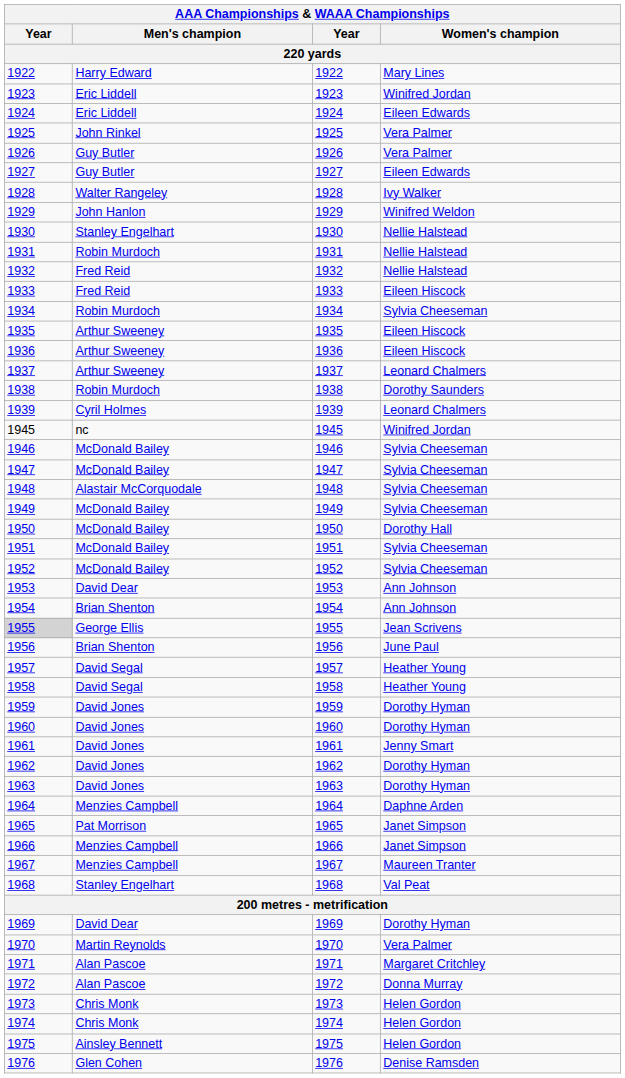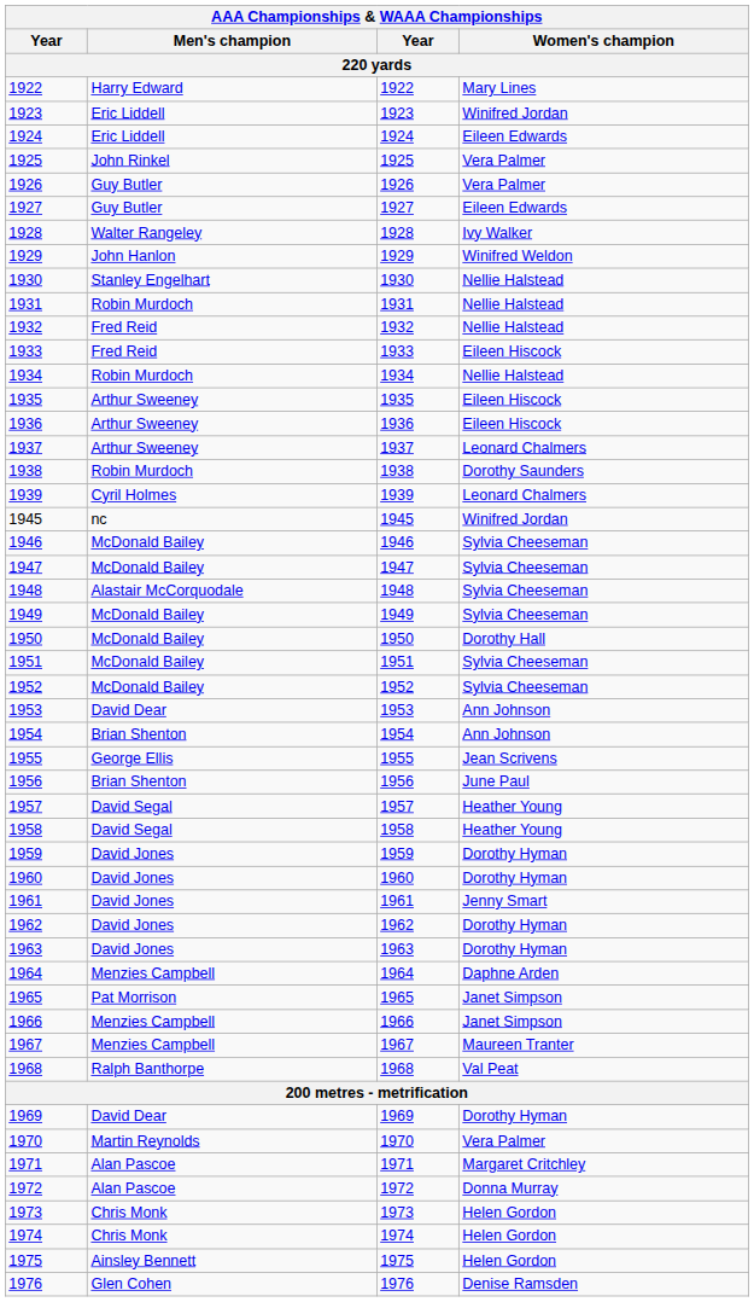 <table class="wikitable">
 <tr>
 <th colspan="4"><a href='#'>AAA Championships</a> & <a href='#'>WAAA Championships</a></th>
 </tr>
 <tr>
 <th width=80>Year</th>
 <th width=300>Men's champion</th>
 <th width=80>Year</th>
 <th width=300>Women's champion</th>
 </tr>
 <tr>
 <th colspan="4"><strong>220 yards</strong></th>
 </tr>
 <tr>
 <td><a href='#'>1922</a></td>
 <td><a href='#'>Harry Edward</a></td>
 <td><a href='#'>1922</a></td>
 <td><a href='#'>Mary Lines</a></td>
 </tr>
 <tr>
 <td><a href='#'>1923</a></td>
 <td><a href='#'>Eric Liddell</a></td>
 <td><a href='#'>1923</a></td>
 <td><a href='#'>Winifred Jordan</a></td>
 </tr>
 <tr>
 <td><a href='#'>1924</a></td>
 <td><a href='#'>Eric Liddell</a></td>
 <td><a href='#'>1924</a></td>
 <td><a href='#'>Eileen Edwards</a></td>
 </tr>
 <tr>
 <td><a href='#'>1925</a></td>
 <td><a href='#'>John Rinkel</a></td>
 <td><a href='#'>1925</a></td>
 <td><a href='#'>Vera Palmer</a></td>
 </tr>
 <tr>
 <td><a href='#'>1926</a></td>
 <td><a href='#'>Guy Butler</a></td>
 <td><a href='#'>1926</a></td>
 <td><a href='#'>Vera Palmer</a></td>
 </tr>
 <tr>
 <td><a href='#'>1927</a></td>
 <td><a href='#'>Guy Butler</a></td>
 <td><a href='#'>1927</a></td>
 <td><a href='#'>Eileen Edwards</a></td>
 </tr>
 <tr>
 <td><a href='#'>1928</a></td>
 <td><a href='#'>Walter Rangeley</a></td>
 <td><a href='#'>1928</a></td>
 <td><a href='#'>Ivy Walker</a></td>
 </tr>
 <tr>
 <td><a href='#'>1929</a></td>
 <td><a href='#'>John Hanlon</a></td>
 <td><a href='#'>1929</a></td>
 <td><a href='#'>Winifred Weldon</a></td>
 </tr>
 <tr>
 <td><a href='#'>1930</a></td>
 <td><a href='#'>Stanley Engelhart</a></td>
 <td><a href='#'>1930</a></td>
 <td><a href='#'>Nellie Halstead</a></td>
 </tr>
 <tr>
 <td><a href='#'>1931</a></td>
 <td><a href='#'>Robin Murdoch</a></td>
 <td><a href='#'>1931</a></td>
 <td><a href='#'>Nellie Halstead</a></td>
 </tr>
 <tr>
 <td><a href='#'>1932</a></td>
 <td><a href='#'>Fred Reid</a></td>
 <td><a href='#'>1932</a></td>
 <td><a href='#'>Nellie Halstead</a></td>
 </tr>
 <tr>
 <td><a href='#'>1933</a></td>
 <td><a href='#'>Fred Reid</a></td>
 <td><a href='#'>1933</a></td>
 <td><a href='#'>Eileen Hiscock</a></td>
 </tr>
 <tr>
 <td><a href='#'>1934</a></td>
 <td><a href='#'>Robin Murdoch</a></td>
 <td><a href='#'>1934</a></td>
-<td><a href='#'>Sylvia Cheeseman</a></td>
+<td><a href='#'>Nellie Halstead</a></td>
 </tr>
 <tr>
 <td><a href='#'>1935</a></td>
 <td><a href='#'>Arthur Sweeney</a></td>
 <td><a href='#'>1935</a></td>
 <td><a href='#'>Eileen Hiscock</a></td>
 </tr>
 <tr>
 <td><a href='#'>1936</a></td>
 <td><a href='#'>Arthur Sweeney</a></td>
 <td><a href='#'>1936</a></td>
 <td><a href='#'>Eileen Hiscock</a></td>
 </tr>
 <tr>
 <td><a href='#'>1937</a></td>
 <td><a href='#'>Arthur Sweeney</a></td>
 <td><a href='#'>1937</a></td>
 <td><a href='#'>Leonard Chalmers</a></td>
 </tr>
 <tr>
 <td><a href='#'>1938</a></td>
 <td><a href='#'>Robin Murdoch</a></td>
 <td><a href='#'>1938</a></td>
 <td><a href='#'>Dorothy Saunders</a></td>
 </tr>
 <tr>
 <td><a href='#'>1939</a></td>
 <td><a href='#'>Cyril Holmes</a></td>
 <td><a href='#'>1939</a></td>
 <td><a href='#'>Leonard Chalmers</a></td>
 </tr>
 <tr>
 <td>1945</td>
 <td>nc</td>
 <td><a href='#'>1945</a></td>
 <td><a href='#'>Winifred Jordan</a></td>
 </tr>
 <tr>
 <td><a href='#'>1946</a></td>
 <td><a href='#'>McDonald Bailey</a></td>
 <td><a href='#'>1946</a></td>
 <td><a href='#'>Sylvia Cheeseman</a></td>
 </tr>
 <tr>
 <td><a href='#'>1947</a></td>
 <td><a href='#'>McDonald Bailey</a></td>
 <td><a href='#'>1947</a></td>
 <td><a href='#'>Sylvia Cheeseman</a></td>
 </tr>
 <tr>
 <td><a href='#'>1948</a></td>
 <td><a href='#'>Alastair McCorquodale</a></td>
 <td><a href='#'>1948</a></td>
 <td><a href='#'>Sylvia Cheeseman</a></td>
 </tr>
 <tr>
 <td><a href='#'>1949</a></td>
 <td><a href='#'>McDonald Bailey</a></td>
 <td><a href='#'>1949</a></td>
 <td><a href='#'>Sylvia Cheeseman</a></td>
 </tr>
 <tr>
 <td><a href='#'>1950</a></td>
 <td><a href='#'>McDonald Bailey</a></td>
 <td><a href='#'>1950</a></td>
 <td><a href='#'>Dorothy Hall</a></td>
 </tr>
 <tr>
 <td><a href='#'>1951</a></td>
 <td><a href='#'>McDonald Bailey</a></td>
 <td><a href='#'>1951</a></td>
 <td><a href='#'>Sylvia Cheeseman</a></td>
 </tr>
 <tr>
 <td><a href='#'>1952</a></td>
 <td><a href='#'>McDonald Bailey</a></td>
 <td><a href='#'>1952</a></td>
 <td><a href='#'>Sylvia Cheeseman</a></td>
 </tr>
 <tr>
 <td><a href='#'>1953</a></td>
 <td><a href='#'>David Dear</a></td>
 <td><a href='#'>1953</a></td>
 <td><a href='#'>Ann Johnson</a></td>
 </tr>
 <tr>
 <td><a href='#'>1954</a></td>
 <td><a href='#'>Brian Shenton</a></td>
 <td><a href='#'>1954</a></td>
 <td><a href='#'>Ann Johnson</a></td>
 </tr>
 <tr>
-<td style="background: lightgrey;"><a href='#'>1955</a></td>
+<td><a href='#'>1955</a></td>
 <td><a href='#'>George Ellis</a></td>
 <td><a href='#'>1955</a></td>
 <td><a href='#'>Jean Scrivens</a></td>
 </tr>
 <tr>
 <td><a href='#'>1956</a></td>
 <td><a href='#'>Brian Shenton</a></td>
 <td><a href='#'>1956</a></td>
 <td><a href='#'>June Paul</a></td>
 </tr>
 <tr>
 <td><a href='#'>1957</a></td>
 <td><a href='#'>David Segal</a></td>
 <td><a href='#'>1957</a></td>
 <td><a href='#'>Heather Young</a></td>
 </tr>
 <tr>
 <td><a href='#'>1958</a></td>
 <td><a href='#'>David Segal</a></td>
 <td><a href='#'>1958</a></td>
 <td><a href='#'>Heather Young</a></td>
 </tr>
 <tr>
 <td><a href='#'>1959</a></td>
 <td><a href='#'>David Jones</a></td>
 <td><a href='#'>1959</a></td>
 <td><a href='#'>Dorothy Hyman</a></td>
 </tr>
 <tr>
 <td><a href='#'>1960</a></td>
 <td><a href='#'>David Jones</a></td>
 <td><a href='#'>1960</a></td>
 <td><a href='#'>Dorothy Hyman</a></td>
 </tr>
 <tr>
 <td><a href='#'>1961</a></td>
 <td><a href='#'>David Jones</a></td>
 <td><a href='#'>1961</a></td>
 <td><a href='#'>Jenny Smart</a></td>
 </tr>
 <tr>
 <td><a href='#'>1962</a></td>
 <td><a href='#'>David Jones</a></td>
 <td><a href='#'>1962</a></td>
 <td><a href='#'>Dorothy Hyman</a></td>
 </tr>
 <tr>
 <td><a href='#'>1963</a></td>
 <td><a href='#'>David Jones</a></td>
 <td><a href='#'>1963</a></td>
 <td><a href='#'>Dorothy Hyman</a></td>
 </tr>
 <tr>
 <td><a href='#'>1964</a></td>
 <td><a href='#'>Menzies Campbell</a></td>
 <td><a href='#'>1964</a></td>
 <td><a href='#'>Daphne Arden</a></td>
 </tr>
 <tr>
 <td><a href='#'>1965</a></td>
 <td><a href='#'>Pat Morrison</a></td>
 <td><a href='#'>1965</a></td>
 <td><a href='#'>Janet Simpson</a></td>
 </tr>
 <tr>
 <td><a href='#'>1966</a></td>
 <td><a href='#'>Menzies Campbell</a></td>
 <td><a href='#'>1966</a></td>
 <td><a href='#'>Janet Simpson</a></td>
 </tr>
 <tr>
 <td><a href='#'>1967</a></td>
 <td><a href='#'>Menzies Campbell</a></td>
 <td><a href='#'>1967</a></td>
 <td><a href='#'>Maureen Tranter</a></td>
 </tr>
 <tr>
 <td><a href='#'>1968</a></td>
-<td><a href='#'>Stanley Engelhart</a></td>
+<td><a href='#'>Ralph Banthorpe</a></td>
 <td><a href='#'>1968</a></td>
 <td><a href='#'>Val Peat</a></td>
 </tr>
 <tr>
 <th colspan="4"><strong>200 metres - metrification</strong></th>
 </tr>
 <tr>
 <td><a href='#'>1969</a></td>
 <td><a href='#'>David Dear</a></td>
 <td><a href='#'>1969</a></td>
 <td><a href='#'>Dorothy Hyman</a></td>
 </tr>
 <tr>
 <td><a href='#'>1970</a></td>
 <td><a href='#'>Martin Reynolds</a></td>
 <td><a href='#'>1970</a></td>
 <td><a href='#'>Vera Palmer</a></td>
 </tr>
 <tr>
 <td><a href='#'>1971</a></td>
 <td><a href='#'>Alan Pascoe</a></td>
 <td><a href='#'>1971</a></td>
 <td><a href='#'>Margaret Critchley</a></td>
 </tr>
 <tr>
 <td><a href='#'>1972</a></td>
 <td><a href='#'>Alan Pascoe</a></td>
 <td><a href='#'>1972</a></td>
 <td><a href='#'>Donna Murray</a></td>
 </tr>
 <tr>
 <td><a href='#'>1973</a></td>
 <td><a href='#'>Chris Monk</a></td>
 <td><a href='#'>1973</a></td>
 <td><a href='#'>Helen Gordon</a></td>
 </tr>
 <tr>
 <td><a href='#'>1974</a></td>
 <td><a href='#'>Chris Monk</a></td>
 <td><a href='#'>1974</a></td>
 <td><a href='#'>Helen Gordon</a></td>
 </tr>
 <tr>
 <td><a href='#'>1975</a></td>
 <td><a href='#'>Ainsley Bennett</a></td>
 <td><a href='#'>1975</a></td>
 <td><a href='#'>Helen Gordon</a></td>
 </tr>
 <tr>
 <td><a href='#'>1976</a></td>
 <td><a href='#'>Glen Cohen</a></td>
 <td><a href='#'>1976</a></td>
 <td><a href='#'>Denise Ramsden</a></td>
 </tr>
 </table>
